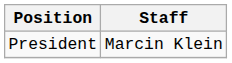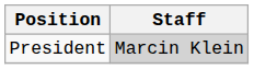 <table class=wikitable>
 <tr>
 <th>Position</th>
 <th>Staff</th>
 </tr>
 <tr>
 <td>President</td>
-<td> Marcin Klein</td>
+<td style="background: lightgrey;"> Marcin Klein</td>
 </tr>
 <tr>
 </tr>
 </table>
